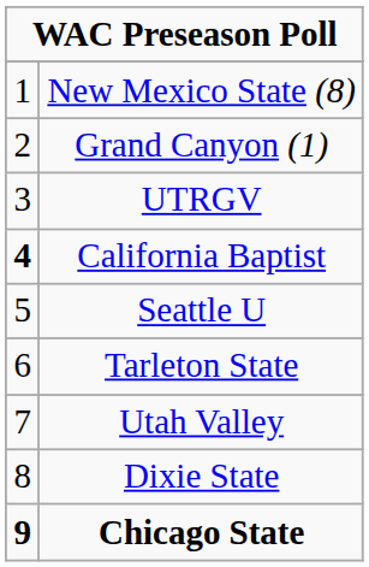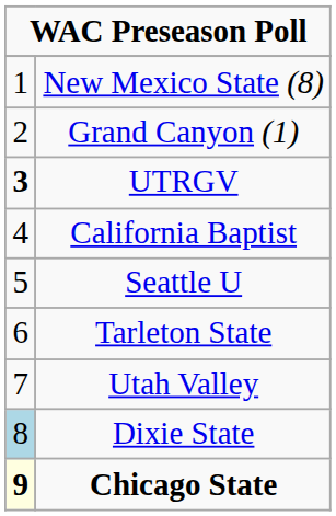 <table class="wikitable" style="display: inline-table;">
 <tr>
 <td align="center" Colspan="3"><strong>WAC Preseason Poll</strong></td>
 </tr>
 <tr align="center">
 </tr>
 <tr align="center">
 <td>1</td>
 <td><a href='#'>New Mexico State</a> <em>(8)</em></td>
 </tr>
 <tr align="center">
 <td>2</td>
 <td><a href='#'>Grand Canyon</a> <em>(1)</em></td>
 </tr>
 <tr align="center">
-<td>3</td>
+<td><strong>3</strong></td>
 <td><a href='#'>UTRGV</a></td>
 </tr>
 <tr align="center">
-<td><strong>4</strong></td>
+<td>4</td>
 <td><a href='#'>California Baptist</a></td>
 </tr>
 <tr align="center">
 <td>5</td>
 <td><a href='#'>Seattle U</a></td>
 </tr>
 <tr align="center">
 <td>6</td>
 <td><a href='#'>Tarleton State</a></td>
 </tr>
 <tr align="center">
 <td>7</td>
 <td><a href='#'>Utah Valley</a></td>
 </tr>
 <tr align="center">
-<td>8</td>
+<td style="background: lightblue;">8</td>
 <td><a href='#'>Dixie State</a></td>
 </tr>
 <tr align="center">
-<td><strong>9</strong></td>
+<td style="background: lightyellow;"><strong>9</strong></td>
 <td><strong>Chicago State</strong></td>
 </tr>
 </table>
